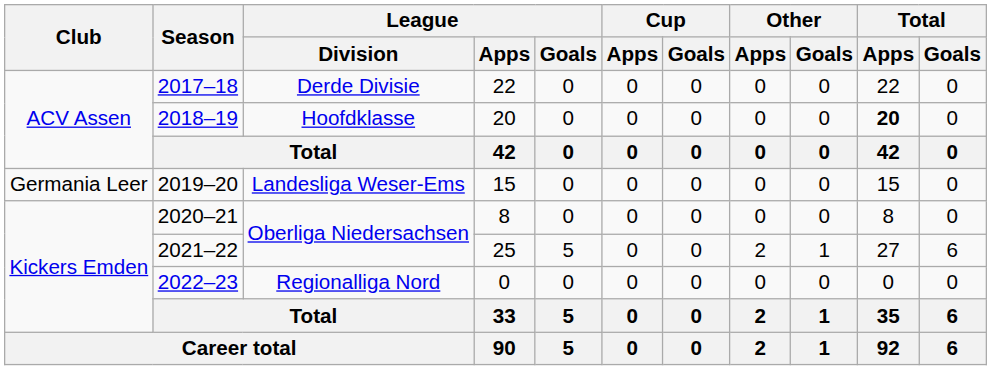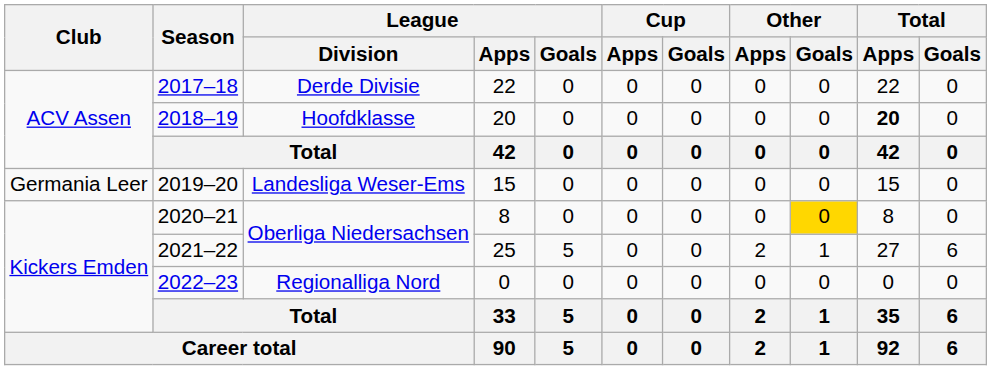 <table class="wikitable" style="text-align:center">
 <tr>
 <th rowspan="2">Club</th>
 <th rowspan="2">Season</th>
 <th colspan="3">League</th>
 <th colspan="2">Cup</th>
 <th colspan="2">Other</th>
 <th colspan="2">Total</th>
 </tr>
 <tr>
 <th>Division</th>
 <th>Apps</th>
 <th>Goals</th>
 <th>Apps</th>
 <th>Goals</th>
 <th>Apps</th>
 <th>Goals</th>
 <th>Apps</th>
 <th>Goals</th>
 </tr>
 <tr>
 <td rowspan="3"><a href='#'>ACV Assen</a></td>
 <td><a href='#'>2017–18</a></td>
 <td><a href='#'>Derde Divisie</a></td>
 <td>22</td>
 <td>0</td>
 <td>0</td>
 <td>0</td>
 <td>0</td>
 <td>0</td>
 <td>22</td>
 <td>0</td>
 </tr>
 <tr>
 <td><a href='#'>2018–19</a></td>
 <td><a href='#'>Hoofdklasse</a></td>
 <td>20</td>
 <td>0</td>
 <td>0</td>
 <td>0</td>
 <td>0</td>
 <td>0</td>
 <td><strong>20</strong></td>
 <td>0</td>
 </tr>
 <tr>
 <th colspan="2">Total</th>
 <th>42</th>
 <th>0</th>
 <th>0</th>
 <th>0</th>
 <th>0</th>
 <th>0</th>
 <th>42</th>
 <th>0</th>
 </tr>
 <tr>
 <td>Germania Leer</td>
 <td>2019–20</td>
 <td><a href='#'>Landesliga Weser-Ems</a></td>
 <td>15</td>
 <td>0</td>
 <td>0</td>
 <td>0</td>
 <td>0</td>
 <td>0</td>
 <td>15</td>
 <td>0</td>
 </tr>
 <tr>
 <td rowspan="4"><a href='#'>Kickers Emden</a></td>
 <td>2020–21</td>
 <td rowspan="2"><a href='#'>Oberliga Niedersachsen</a></td>
 <td>8</td>
 <td>0</td>
 <td>0</td>
 <td>0</td>
 <td>0</td>
-<td>0</td>
+<td style="background: gold;">0</td>
 <td>8</td>
 <td>0</td>
 </tr>
 <tr>
 <td>2021–22</td>
 <td>25</td>
 <td>5</td>
 <td>0</td>
 <td>0</td>
 <td>2</td>
 <td>1</td>
 <td>27</td>
 <td>6</td>
 </tr>
 <tr>
 <td><a href='#'>2022–23</a></td>
 <td><a href='#'>Regionalliga Nord</a></td>
 <td>0</td>
 <td>0</td>
 <td>0</td>
 <td>0</td>
 <td>0</td>
 <td>0</td>
 <td>0</td>
 <td>0</td>
 </tr>
 <tr>
 <th colspan="2">Total</th>
 <th>33</th>
 <th>5</th>
 <th>0</th>
 <th>0</th>
 <th>2</th>
 <th>1</th>
 <th>35</th>
 <th>6</th>
 </tr>
 <tr>
 <th colspan="3">Career total</th>
 <th>90</th>
 <th>5</th>
 <th>0</th>
 <th>0</th>
 <th>2</th>
 <th>1</th>
 <th>92</th>
 <th>6</th>
 </tr>
 </table>
